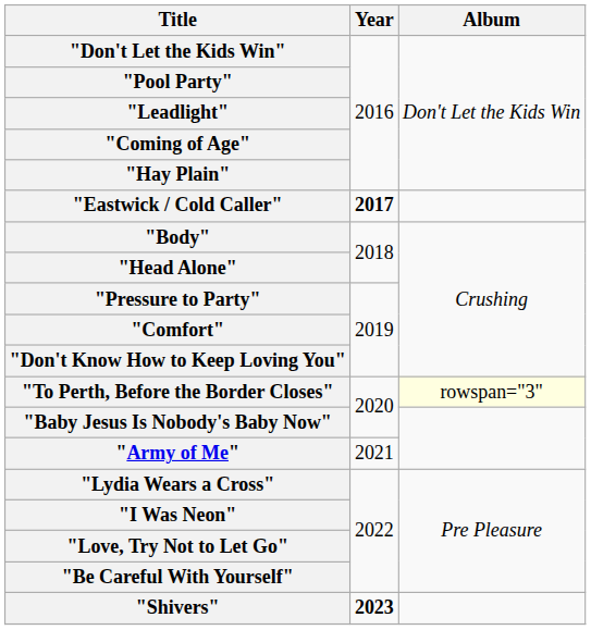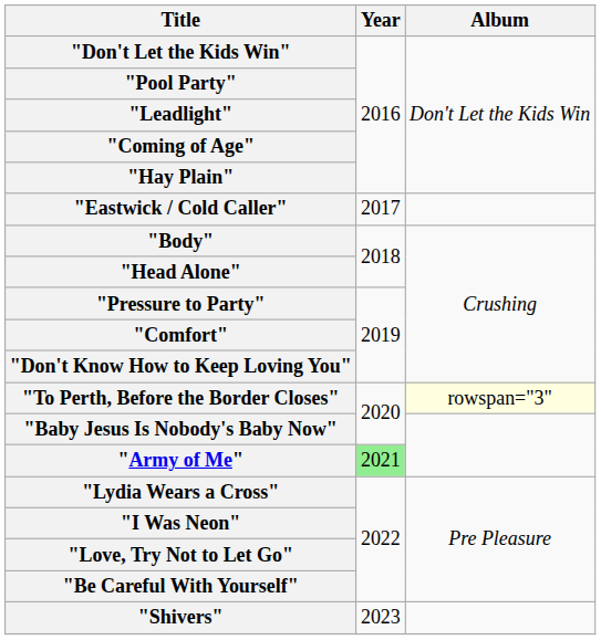 <table class="wikitable plainrowheaders" style="text-align:center;" border="1">
 <tr>
 <th scope="col">Title</th>
 <th scope="col">Year</th>
 <th scope="col">Album</th>
 </tr>
 <tr>
 <th scope="row">"Don't Let the Kids Win"</th>
 <td rowspan="5">2016</td>
 <td rowspan="5"><em>Don't Let the Kids Win</em></td>
 </tr>
 <tr>
 <th scope="row">"Pool Party"</th>
 </tr>
 <tr>
 <th scope="row">"Leadlight"</th>
 </tr>
 <tr>
 <th scope="row">"Coming of Age"</th>
 </tr>
 <tr>
 <th scope="row">"Hay Plain"</th>
 </tr>
 <tr>
 <th scope="row">"Eastwick / Cold Caller"</th>
-<td><strong>2017</strong></td>
+<td>2017</td>
 <td></td>
 </tr>
 <tr>
 <th scope="row">"Body"</th>
 <td rowspan="2">2018</td>
 <td rowspan="5"><em>Crushing</em></td>
 </tr>
 <tr>
 <th scope="row">"Head Alone"</th>
 </tr>
 <tr>
 <th scope="row">"Pressure to Party"</th>
 <td rowspan="3">2019</td>
 </tr>
 <tr>
 <th scope="row">"Comfort"</th>
 </tr>
 <tr>
 <th scope="row">"Don't Know How to Keep Loving You"</th>
 </tr>
 <tr>
 <th scope="row">"To Perth, Before the Border Closes"</th>
 <td rowspan="2">2020</td>
 <td style="background: lightyellow;">rowspan="3" </td>
 </tr>
 <tr>
 <th scope="row">"Baby Jesus Is Nobody's Baby Now"</th>
 </tr>
 <tr>
 <th scope="row">"<a href='#'>Army of Me</a>" </th>
-<td>2021</td>
+<td style="background: lightgreen;">2021</td>
 </tr>
 <tr>
 <th scope="row">"Lydia Wears a Cross"</th>
 <td rowspan="4">2022</td>
 <td rowspan="4"><em>Pre Pleasure</em></td>
 </tr>
 <tr>
 <th scope="row">"I Was Neon"</th>
 </tr>
 <tr>
 <th scope="row">"Love, Try Not to Let Go"</th>
 </tr>
 <tr>
 <th scope="row">"Be Careful With Yourself"</th>
 </tr>
 <tr>
 <th scope="row">"Shivers"</th>
-<td><strong>2023</strong></td>
+<td>2023</td>
 <td></td>
 </tr>
 <tr>
 </tr>
 </table>
